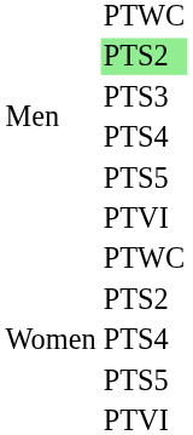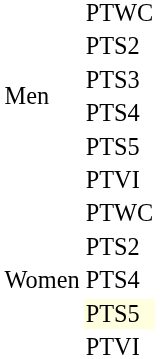 <table>
 <tr>
 <td rowspan=6>Men</td>
 <td>PTWC<br></td>
 <td></td>
 <td></td>
 <td></td>
 </tr>
 <tr>
-<td style="background: lightgreen;">PTS2<br></td>
+<td>PTS2<br></td>
 <td></td>
 <td></td>
 <td></td>
 </tr>
 <tr>
 <td>PTS3<br></td>
 <td></td>
 <td></td>
 <td></td>
 </tr>
 <tr>
 <td>PTS4<br></td>
 <td></td>
 <td></td>
 <td></td>
 </tr>
 <tr>
 <td>PTS5<br></td>
 <td></td>
 <td></td>
 <td></td>
 </tr>
 <tr>
 <td>PTVI<br></td>
 <td></td>
 <td></td>
 <td></td>
 </tr>
 <tr>
 <td rowspan=5>Women</td>
 <td>PTWC<br></td>
 <td></td>
 <td></td>
 <td></td>
 </tr>
 <tr>
 <td>PTS2<br></td>
 <td></td>
 <td></td>
 <td></td>
 </tr>
 <tr>
 <td>PTS4<br></td>
 <td></td>
 <td></td>
 <td></td>
 </tr>
 <tr>
-<td>PTS5<br></td>
+<td style="background: lightyellow;">PTS5<br></td>
 <td></td>
 <td></td>
 <td></td>
 </tr>
 <tr>
 <td>PTVI<br></td>
 <td></td>
 <td></td>
 <td></td>
 </tr>
 </table>
